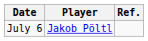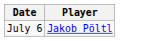 <table class="wikitable sortable sortable" style="text-align: center">
 <tr>
 <th>Date</th>
 <th>Player</th>
-<th>Ref.</th>
 </tr>
 <tr>
 <td>July 6</td>
 <td><a href='#'>Jakob Pöltl</a></td>
-<td></td>
 </tr>
 </table>
